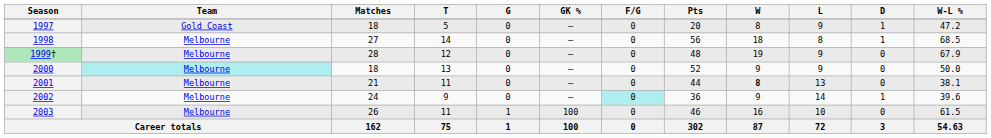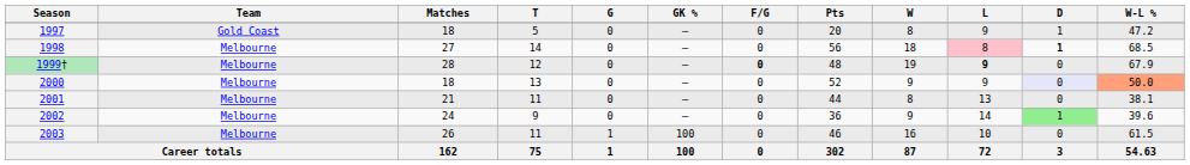 <table class="wikitable sortable"  style="font-size:90%; text-align:center; width:85%;">
 <tr>
 <th width=2%>Season</th>
 <th width=8%>Team</th>
 <th width=2%>Matches</th>
 <th width=2%>T</th>
 <th width=2%>G</th>
 <th width=2%>GK %</th>
 <th width=2%>F/G</th>
 <th width=2%>Pts</th>
 <th width=2%>W</th>
 <th width=2%>L</th>
 <th width=2%>D</th>
 <th width=2%>W-L %</th>
 </tr>
 <tr>
 </tr>
 <tr style="background-color: #EAEAEA">
 <th scope="row" style="text-align:center; font-weight:normal"><a href='#'>1997</a></th>
 <td style="text-align:center;"><a href='#'>Gold Coast</a></td>
 <td>18</td>
 <td>5</td>
 <td>0</td>
 <td>—</td>
 <td>0</td>
 <td>20</td>
 <td>8</td>
 <td>9</td>
 <td>1</td>
 <td>47.2</td>
 </tr>
 <tr>
 <th scope="row" style="text-align:center; font-weight:normal"><a href='#'>1998</a></th>
 <td style="text-align:center;"><a href='#'>Melbourne</a></td>
 <td>27</td>
 <td>14</td>
 <td>0</td>
 <td>—</td>
 <td>0</td>
 <td>56</td>
 <td>18</td>
-<td>8</td>
-<td>1</td>
+<td style="background: pink;">8</td>
+<td><strong>1</strong></td>
 <td>68.5</td>
 </tr>
 <tr style="background-color: #EAEAEA">
 <th scope="row" style="text-align:center;background:#afe6ba; font-weight:normal"><a href='#'>1999</a>†</th>
 <td style="text-align:center;"><a href='#'>Melbourne</a></td>
 <td>28</td>
 <td>12</td>
 <td>0</td>
 <td>—</td>
-<td>0</td>
+<td><strong>0</strong></td>
 <td>48</td>
 <td>19</td>
-<td>9</td>
+<td><strong>9</strong></td>
 <td>0</td>
 <td>67.9</td>
 </tr>
 <tr>
 <th scope="row" style="text-align:center; font-weight:normal"><a href='#'>2000</a></th>
-<td style="background: paleturquoise; text-align:center;"><a href='#'>Melbourne</a></td>
+<td style="text-align:center;"><a href='#'>Melbourne</a></td>
 <td>18</td>
 <td>13</td>
 <td>0</td>
 <td>—</td>
 <td>0</td>
 <td>52</td>
 <td>9</td>
 <td>9</td>
-<td>0</td>
-<td>50.0</td>
+<td style="background: lavender;">0</td>
+<td style="background: lightsalmon;">50.0</td>
 </tr>
 <tr style="background-color: #EAEAEA">
 <th scope="row" style="text-align:center; font-weight:normal"><a href='#'>2001</a></th>
 <td style="text-align:center;"><a href='#'>Melbourne</a></td>
 <td>21</td>
 <td>11</td>
 <td>0</td>
 <td>—</td>
 <td>0</td>
 <td>44</td>
-<td><strong>8</strong></td>
+<td>8</td>
 <td>13</td>
 <td>0</td>
 <td>38.1</td>
 </tr>
 <tr>
 <th scope="row" style="text-align:center; font-weight:normal"><a href='#'>2002</a></th>
 <td style="text-align:center;"><a href='#'>Melbourne</a></td>
 <td>24</td>
 <td>9</td>
 <td>0</td>
 <td>—</td>
-<td style="background: paleturquoise;">0</td>
+<td>0</td>
 <td>36</td>
 <td>9</td>
 <td>14</td>
-<td>1</td>
+<td style="background: lightgreen;">1</td>
 <td>39.6</td>
 </tr>
 <tr style="background-color: #EAEAEA">
 <th scope="row" style="text-align:center; font-weight:normal"><a href='#'>2003</a></th>
 <td style="text-align:center;"><a href='#'>Melbourne</a></td>
 <td>26</td>
 <td>11</td>
 <td>1</td>
 <td>100</td>
 <td>0</td>
 <td>46</td>
 <td>16</td>
 <td>10</td>
 <td>0</td>
 <td>61.5</td>
 </tr>
 <tr class="sortbottom">
 <th colspan=2>Career totals</th>
 <th>162</th>
 <th>75</th>
 <th>1</th>
 <th>100</th>
 <th>0</th>
 <th>302</th>
 <th>87</th>
 <th>72</th>
 <th>3</th>
 <th>54.63</th>
 </tr>
 </table>
